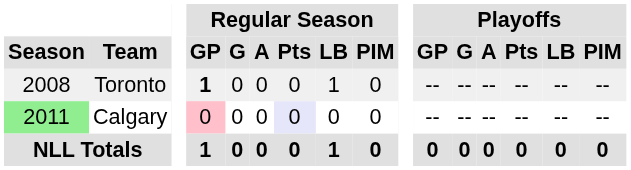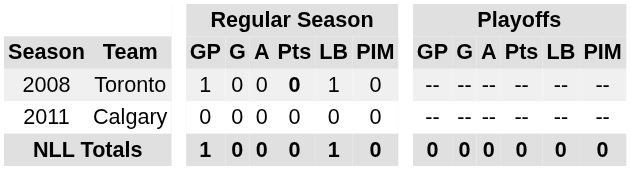 <table BORDER="0" CELLPADDING="3" CELLSPACING="0">
 <tr ALIGN="center" bgcolor="#e0e0e0">
 <th colspan="2" bgcolor="#ffffff"> </th>
 <th rowspan="99" bgcolor="#ffffff"> </th>
 <th colspan="6">Regular Season</th>
 <th rowspan="99" bgcolor="#ffffff"> </th>
 <th colspan="6">Playoffs</th>
 </tr>
 <tr ALIGN="center" bgcolor="#e0e0e0">
 <th>Season</th>
 <th>Team</th>
 <th>GP</th>
 <th>G</th>
 <th>A</th>
 <th>Pts</th>
 <th>LB</th>
 <th>PIM</th>
 <th>GP</th>
 <th>G</th>
 <th>A</th>
 <th>Pts</th>
 <th>LB</th>
 <th>PIM</th>
 </tr>
 <tr ALIGN="center" bgcolor="#f0f0f0">
 <td>2008</td>
 <td>Toronto</td>
-<td><strong>1</strong></td>
+<td>1</td>
 <td>0</td>
 <td>0</td>
-<td>0</td>
+<td><strong>0</strong></td>
 <td>1</td>
 <td>0</td>
 <td>--</td>
 <td>--</td>
 <td>--</td>
 <td>--</td>
 <td>--</td>
 <td>--</td>
 </tr>
 <tr ALIGN="center">
-<td style="background: lightgreen;">2011</td>
+<td>2011</td>
 <td>Calgary</td>
-<td style="background: pink;">0</td>
 <td>0</td>
 <td>0</td>
-<td style="background: lavender;">0</td>
+<td>0</td>
+<td>0</td>
 <td>0</td>
 <td>0</td>
 <td>--</td>
 <td>--</td>
 <td>--</td>
 <td>--</td>
 <td>--</td>
 <td>--</td>
 </tr>
 <tr ALIGN="center" bgcolor="#e0e0e0">
 <th colspan="2">NLL Totals</th>
 <th>1</th>
 <th>0</th>
 <th>0</th>
 <th>0</th>
 <th>1</th>
 <th>0</th>
 <th>0</th>
 <th>0</th>
 <th>0</th>
 <th>0</th>
 <th>0</th>
 <th>0</th>
 </tr>
 </table>
